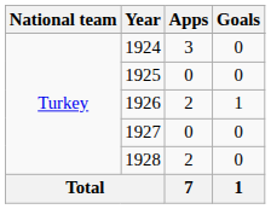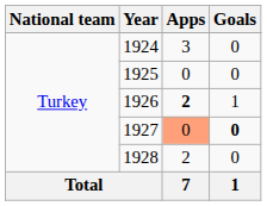 <table class="wikitable" style="text-align:center">
 <tr>
 <th>National team</th>
 <th>Year</th>
 <th>Apps</th>
 <th>Goals</th>
 </tr>
 <tr>
 <td rowspan="6"><a href='#'>Turkey</a></td>
 </tr>
 <tr>
 <td>1924</td>
 <td>3</td>
 <td>0</td>
 </tr>
 <tr>
 <td>1925</td>
 <td>0</td>
 <td>0</td>
 </tr>
 <tr>
 <td>1926</td>
-<td>2</td>
+<td><strong>2</strong></td>
 <td>1</td>
 </tr>
 <tr>
 <td>1927</td>
-<td>0</td>
-<td>0</td>
+<td style="background: lightsalmon;">0</td>
+<td><strong>0</strong></td>
 </tr>
 <tr>
 <td>1928</td>
 <td>2</td>
 <td>0</td>
 </tr>
 <tr>
 <th colspan=2>Total</th>
 <th>7</th>
 <th>1</th>
 </tr>
 </table>
